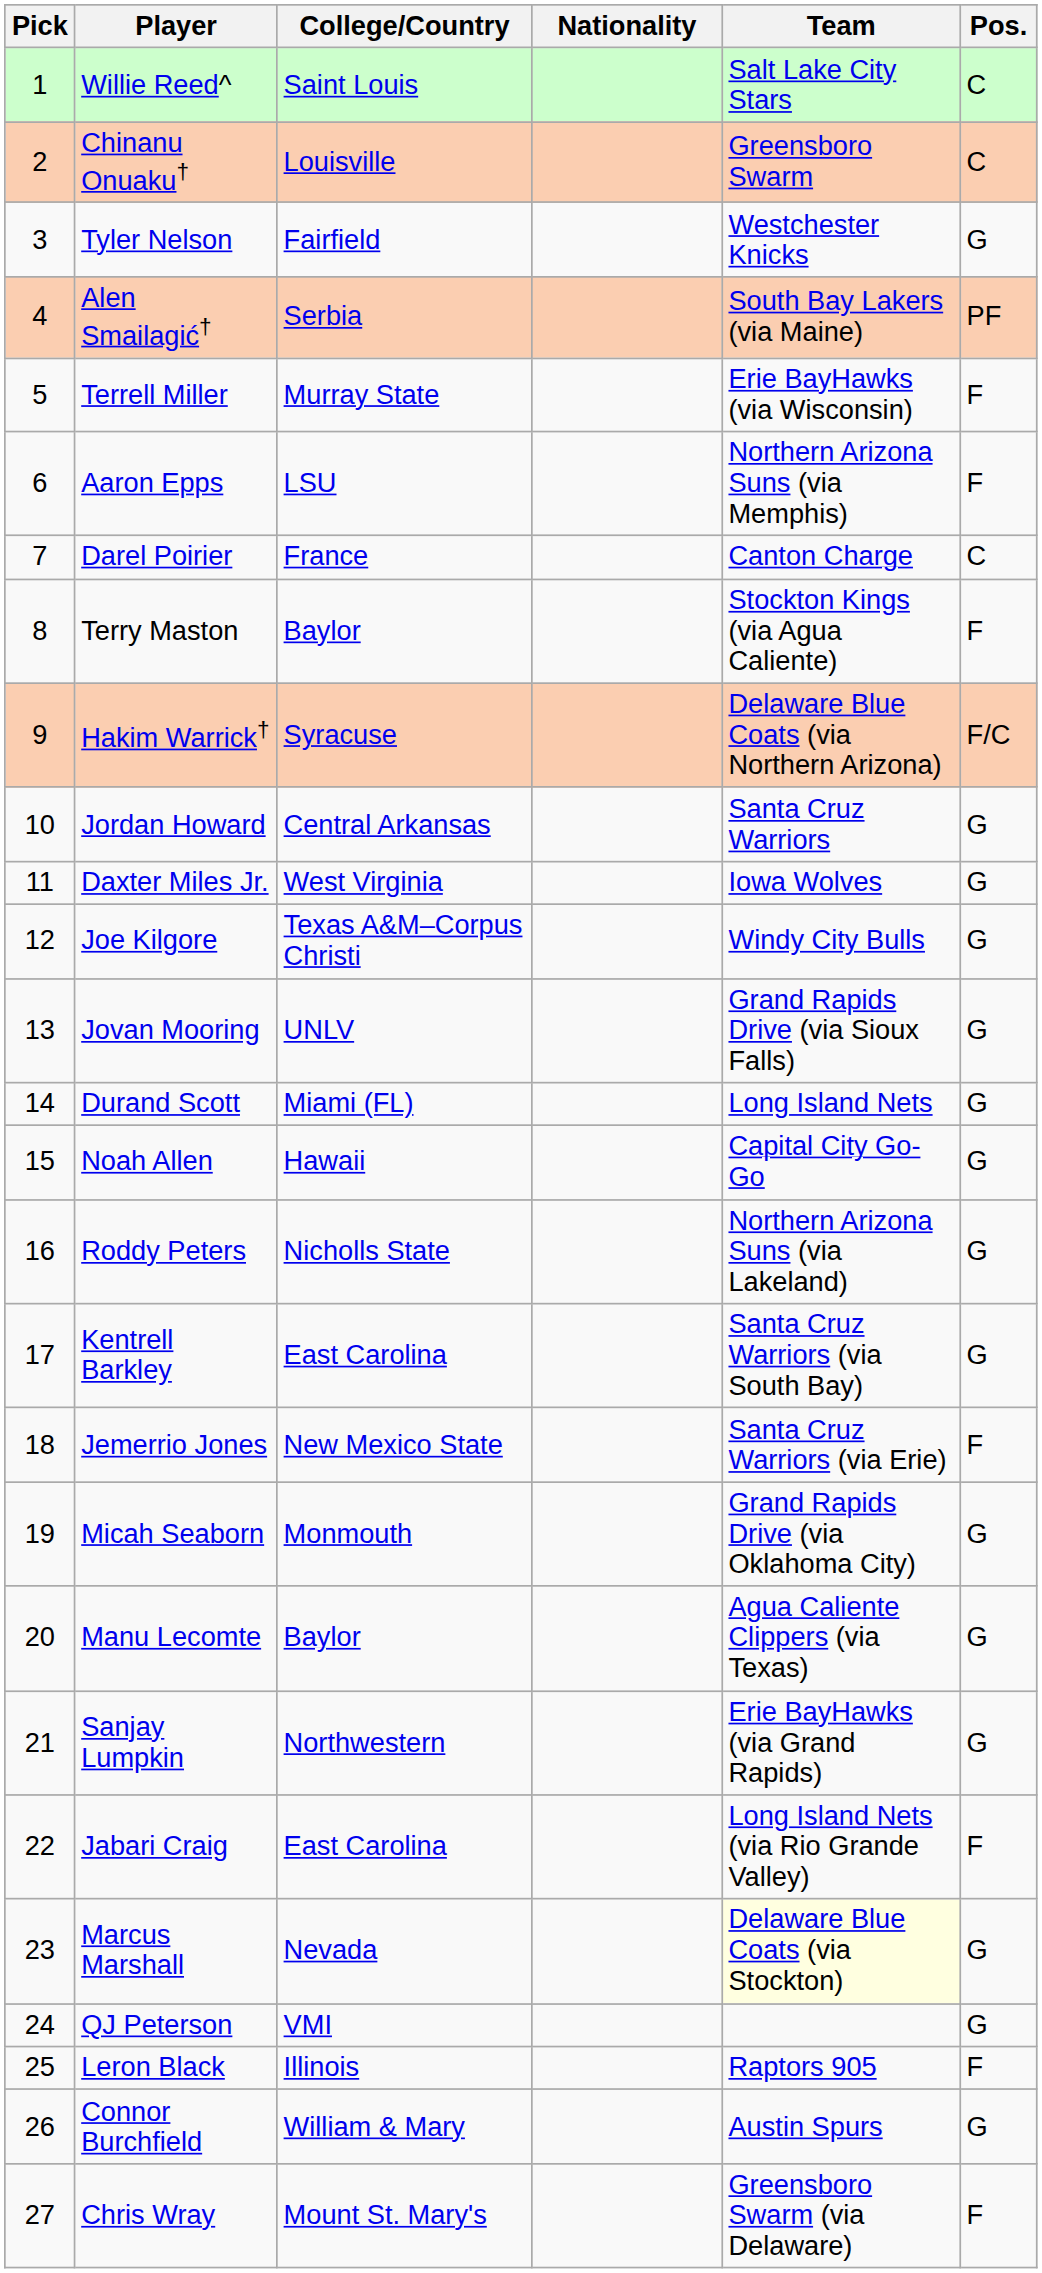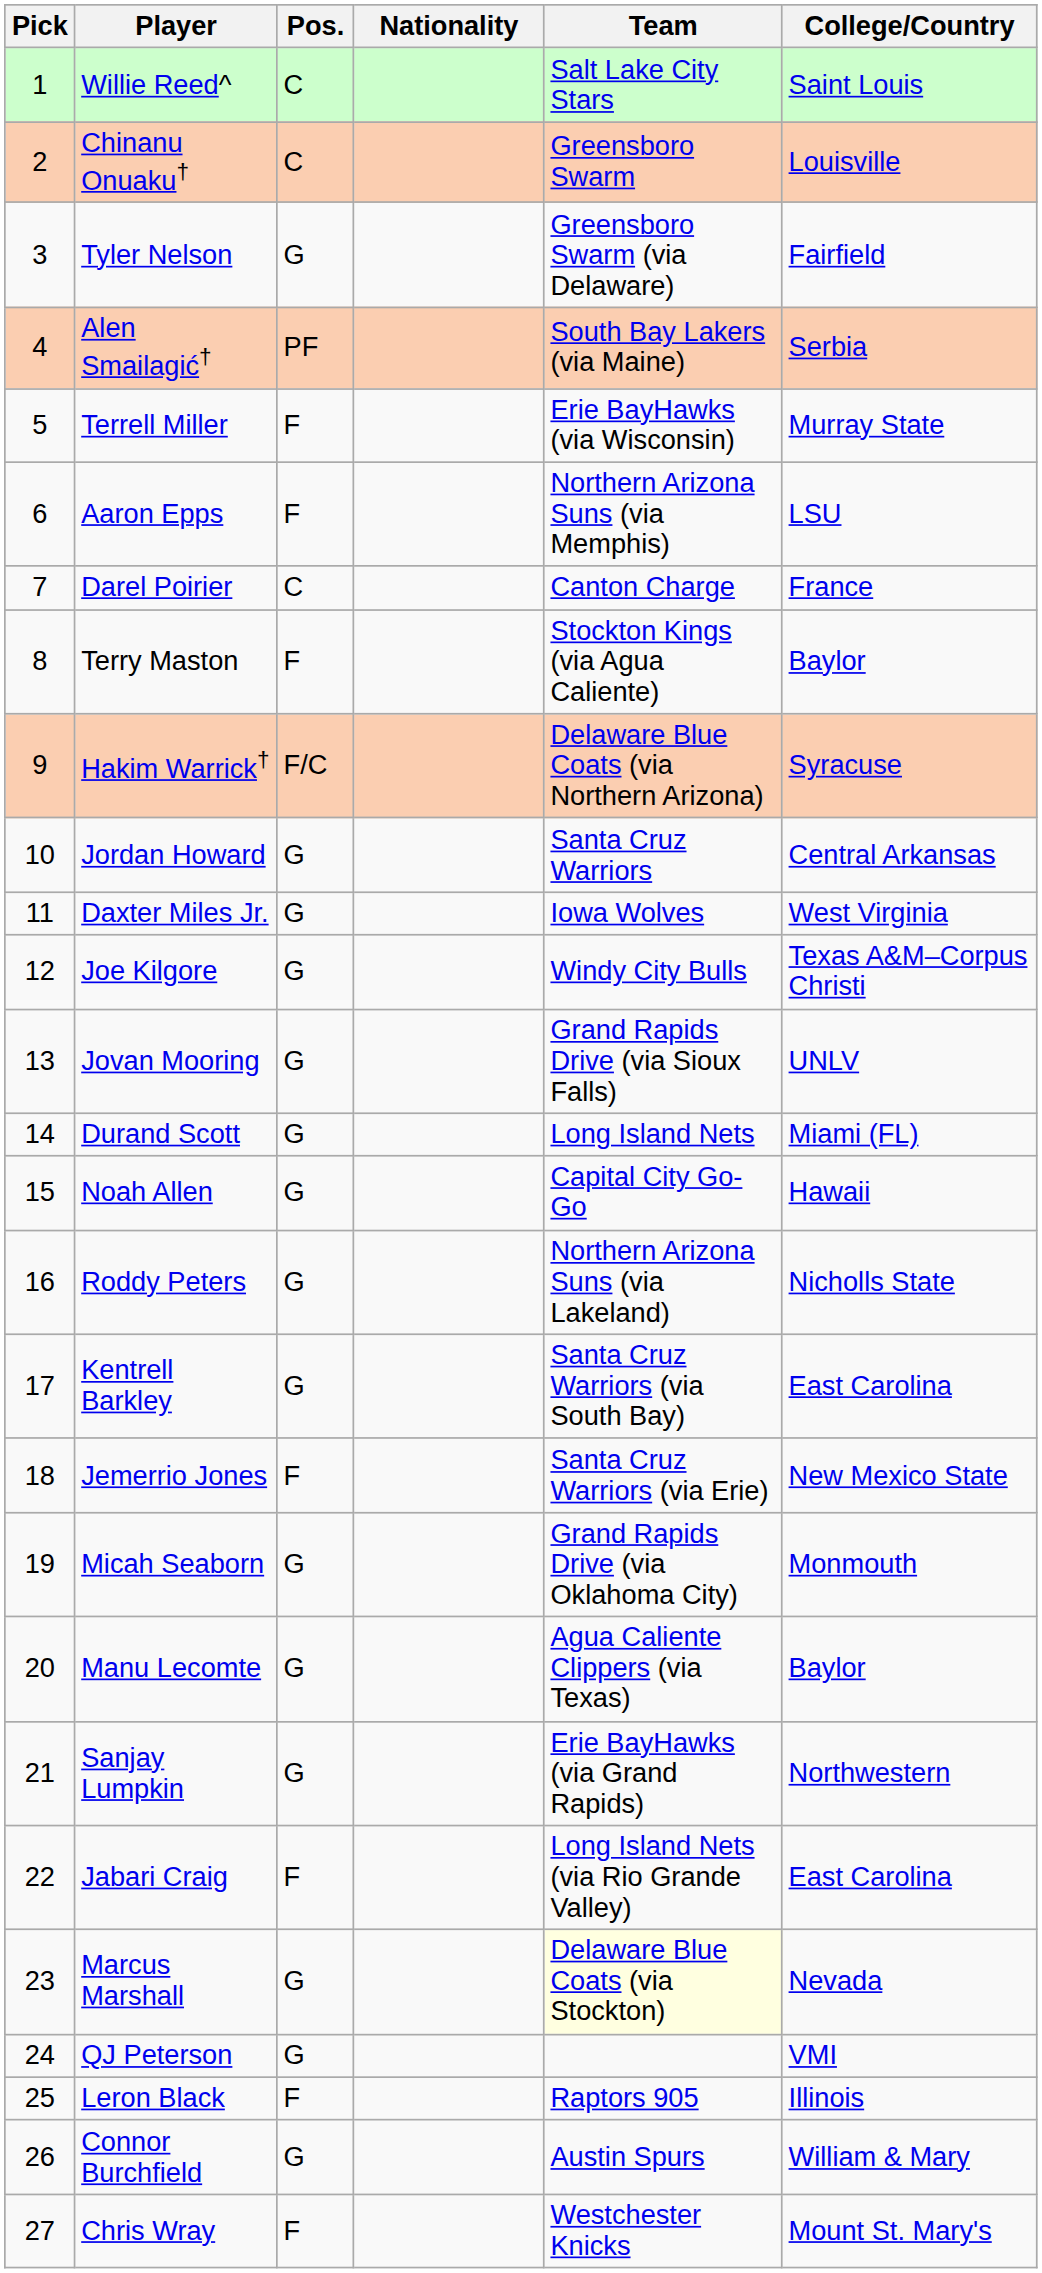 <table class="wikitable sortable">
 <tr>
 <th width="1%">Pick</th>
 <th width="17%">Player</th>
-<th width="20%">College/Country</th>
+<th width="4%">Pos.</th>
 <th width="16%">Nationality</th>
 <th width="20%" class="unsortable">Team</th>
-<th width="4%">Pos.</th>
+<th width="20%">College/Country</th>
 </tr>
 <tr style="background-color:#CCFFCC;|">
 <td align="center">1</td>
 <td><a href='#'>Willie Reed</a>^</td>
-<td><a href='#'>Saint Louis</a></td>
+<td>C</td>
 <td></td>
 <td><a href='#'>Salt Lake City Stars</a></td>
-<td>C</td>
+<td><a href='#'>Saint Louis</a></td>
 </tr>
 <tr style="background-color:#FBCEB1;|">
 <td align="center">2</td>
 <td><a href='#'>Chinanu Onuaku</a><sup>†</sup></td>
-<td><a href='#'>Louisville</a></td>
+<td>C</td>
 <td></td>
 <td><a href='#'>Greensboro Swarm</a></td>
-<td>C</td>
+<td><a href='#'>Louisville</a></td>
 </tr>
 <tr>
 <td align="center">3</td>
 <td><a href='#'>Tyler Nelson</a></td>
+<td>G</td>
+<td></td>
+<td><a href='#'>Greensboro Swarm</a> (via Delaware)</td>
 <td><a href='#'>Fairfield</a></td>
-<td></td>
-<td><a href='#'>Westchester Knicks</a></td>
-<td>G</td>
 </tr>
 <tr style="background-color:#FBCEB1;|">
 <td align="center">4</td>
 <td><a href='#'>Alen Smailagić</a><sup>†</sup></td>
-<td><a href='#'>Serbia</a></td>
+<td>PF</td>
 <td></td>
 <td><a href='#'>South Bay Lakers</a> (via Maine)</td>
-<td>PF</td>
+<td><a href='#'>Serbia</a></td>
 </tr>
 <tr>
 <td align="center">5</td>
 <td><a href='#'>Terrell Miller</a></td>
-<td><a href='#'>Murray State</a></td>
+<td>F</td>
 <td></td>
 <td><a href='#'>Erie BayHawks</a> (via Wisconsin)</td>
-<td>F</td>
+<td><a href='#'>Murray State</a></td>
 </tr>
 <tr>
 <td align="center">6</td>
 <td><a href='#'>Aaron Epps</a></td>
-<td><a href='#'>LSU</a></td>
+<td>F</td>
 <td></td>
 <td><a href='#'>Northern Arizona Suns</a> (via Memphis)</td>
-<td>F</td>
+<td><a href='#'>LSU</a></td>
 </tr>
 <tr>
 <td align="center">7</td>
 <td><a href='#'>Darel Poirier</a></td>
-<td><a href='#'>France</a></td>
+<td>C</td>
 <td></td>
 <td><a href='#'>Canton Charge</a></td>
-<td>C</td>
+<td><a href='#'>France</a></td>
 </tr>
 <tr>
 <td align="center">8</td>
 <td>Terry Maston</td>
-<td><a href='#'>Baylor</a></td>
+<td>F</td>
 <td></td>
 <td><a href='#'>Stockton Kings</a> (via Agua Caliente)</td>
-<td>F</td>
+<td><a href='#'>Baylor</a></td>
 </tr>
 <tr style="background-color:#FBCEB1;|">
 <td align="center">9</td>
 <td><a href='#'>Hakim Warrick</a><sup>†</sup></td>
-<td><a href='#'>Syracuse</a></td>
+<td>F/C</td>
 <td></td>
 <td><a href='#'>Delaware Blue Coats</a> (via Northern Arizona)</td>
-<td>F/C</td>
+<td><a href='#'>Syracuse</a></td>
 </tr>
 <tr>
 <td align="center">10</td>
 <td><a href='#'>Jordan Howard</a></td>
-<td><a href='#'>Central Arkansas</a></td>
+<td>G</td>
 <td></td>
 <td><a href='#'>Santa Cruz Warriors</a></td>
-<td>G</td>
+<td><a href='#'>Central Arkansas</a></td>
 </tr>
 <tr>
 <td align="center">11</td>
 <td><a href='#'>Daxter Miles Jr.</a></td>
-<td><a href='#'>West Virginia</a></td>
+<td>G</td>
 <td></td>
 <td><a href='#'>Iowa Wolves</a></td>
-<td>G</td>
+<td><a href='#'>West Virginia</a></td>
 </tr>
 <tr>
 <td align="center">12</td>
 <td><a href='#'>Joe Kilgore</a></td>
-<td><a href='#'>Texas A&M–Corpus Christi</a></td>
+<td>G</td>
 <td></td>
 <td><a href='#'>Windy City Bulls</a></td>
-<td>G</td>
+<td><a href='#'>Texas A&M–Corpus Christi</a></td>
 </tr>
 <tr>
 <td align="center">13</td>
 <td><a href='#'>Jovan Mooring</a></td>
-<td><a href='#'>UNLV</a></td>
+<td>G</td>
 <td></td>
 <td><a href='#'>Grand Rapids Drive</a> (via Sioux Falls)</td>
-<td>G</td>
+<td><a href='#'>UNLV</a></td>
 </tr>
 <tr>
 <td align="center">14</td>
 <td><a href='#'>Durand Scott</a></td>
-<td><a href='#'>Miami (FL)</a></td>
+<td>G</td>
 <td></td>
 <td><a href='#'>Long Island Nets</a></td>
-<td>G</td>
+<td><a href='#'>Miami (FL)</a></td>
 </tr>
 <tr>
 <td align="center">15</td>
 <td><a href='#'>Noah Allen</a></td>
-<td><a href='#'>Hawaii</a></td>
+<td>G</td>
 <td></td>
 <td><a href='#'>Capital City Go-Go</a></td>
-<td>G</td>
+<td><a href='#'>Hawaii</a></td>
 </tr>
 <tr>
 <td align="center">16</td>
 <td><a href='#'>Roddy Peters</a></td>
-<td><a href='#'>Nicholls State</a></td>
+<td>G</td>
 <td></td>
 <td><a href='#'>Northern Arizona Suns</a> (via Lakeland)</td>
-<td>G</td>
+<td><a href='#'>Nicholls State</a></td>
 </tr>
 <tr>
 <td align="center">17</td>
 <td><a href='#'>Kentrell Barkley</a></td>
-<td><a href='#'>East Carolina</a></td>
+<td>G</td>
 <td></td>
 <td><a href='#'>Santa Cruz Warriors</a> (via South Bay)</td>
-<td>G</td>
+<td><a href='#'>East Carolina</a></td>
 </tr>
 <tr>
 <td align="center">18</td>
 <td><a href='#'>Jemerrio Jones</a></td>
-<td><a href='#'>New Mexico State</a></td>
+<td>F</td>
 <td></td>
 <td><a href='#'>Santa Cruz Warriors</a> (via Erie)</td>
-<td>F</td>
+<td><a href='#'>New Mexico State</a></td>
 </tr>
 <tr>
 <td align="center">19</td>
 <td><a href='#'>Micah Seaborn</a></td>
-<td><a href='#'>Monmouth</a></td>
+<td>G</td>
 <td></td>
 <td><a href='#'>Grand Rapids Drive</a> (via Oklahoma City)</td>
-<td>G</td>
+<td><a href='#'>Monmouth</a></td>
 </tr>
 <tr>
 <td align="center">20</td>
 <td><a href='#'>Manu Lecomte</a></td>
-<td><a href='#'>Baylor</a></td>
+<td>G</td>
 <td></td>
 <td><a href='#'>Agua Caliente Clippers</a> (via Texas)</td>
-<td>G</td>
+<td><a href='#'>Baylor</a></td>
 </tr>
 <tr>
 <td align="center">21</td>
 <td><a href='#'>Sanjay Lumpkin</a></td>
-<td><a href='#'>Northwestern</a></td>
+<td>G</td>
 <td></td>
 <td><a href='#'>Erie BayHawks</a> (via Grand Rapids)</td>
-<td>G</td>
+<td><a href='#'>Northwestern</a></td>
 </tr>
 <tr>
 <td align="center">22</td>
 <td><a href='#'>Jabari Craig</a></td>
-<td><a href='#'>East Carolina</a></td>
+<td>F</td>
 <td></td>
 <td><a href='#'>Long Island Nets</a> (via Rio Grande Valley)</td>
-<td>F</td>
+<td><a href='#'>East Carolina</a></td>
 </tr>
 <tr>
 <td align="center">23</td>
 <td><a href='#'>Marcus Marshall</a></td>
-<td><a href='#'>Nevada</a></td>
+<td>G</td>
 <td></td>
 <td style="background: lightyellow;"><a href='#'>Delaware Blue Coats</a> (via Stockton)</td>
-<td>G</td>
+<td><a href='#'>Nevada</a></td>
 </tr>
 <tr>
 <td align="center">24</td>
 <td><a href='#'>QJ Peterson</a></td>
-<td><a href='#'>VMI</a></td>
+<td>G</td>
 <td></td>
 <td></td>
-<td>G</td>
+<td><a href='#'>VMI</a></td>
 </tr>
 <tr>
 <td align="center">25</td>
 <td><a href='#'>Leron Black</a></td>
-<td><a href='#'>Illinois</a></td>
+<td>F</td>
 <td></td>
 <td><a href='#'>Raptors 905</a></td>
-<td>F</td>
+<td><a href='#'>Illinois</a></td>
 </tr>
 <tr>
 <td align="center">26</td>
 <td><a href='#'>Connor Burchfield</a></td>
-<td><a href='#'>William & Mary</a></td>
+<td>G</td>
 <td></td>
 <td><a href='#'>Austin Spurs</a></td>
-<td>G</td>
+<td><a href='#'>William & Mary</a></td>
 </tr>
 <tr>
 <td align="center">27</td>
 <td><a href='#'>Chris Wray</a></td>
+<td>F</td>
+<td></td>
+<td><a href='#'>Westchester Knicks</a></td>
 <td><a href='#'>Mount St. Mary's</a></td>
-<td></td>
-<td><a href='#'>Greensboro Swarm</a> (via Delaware)</td>
-<td>F</td>
 </tr>
 </table>
